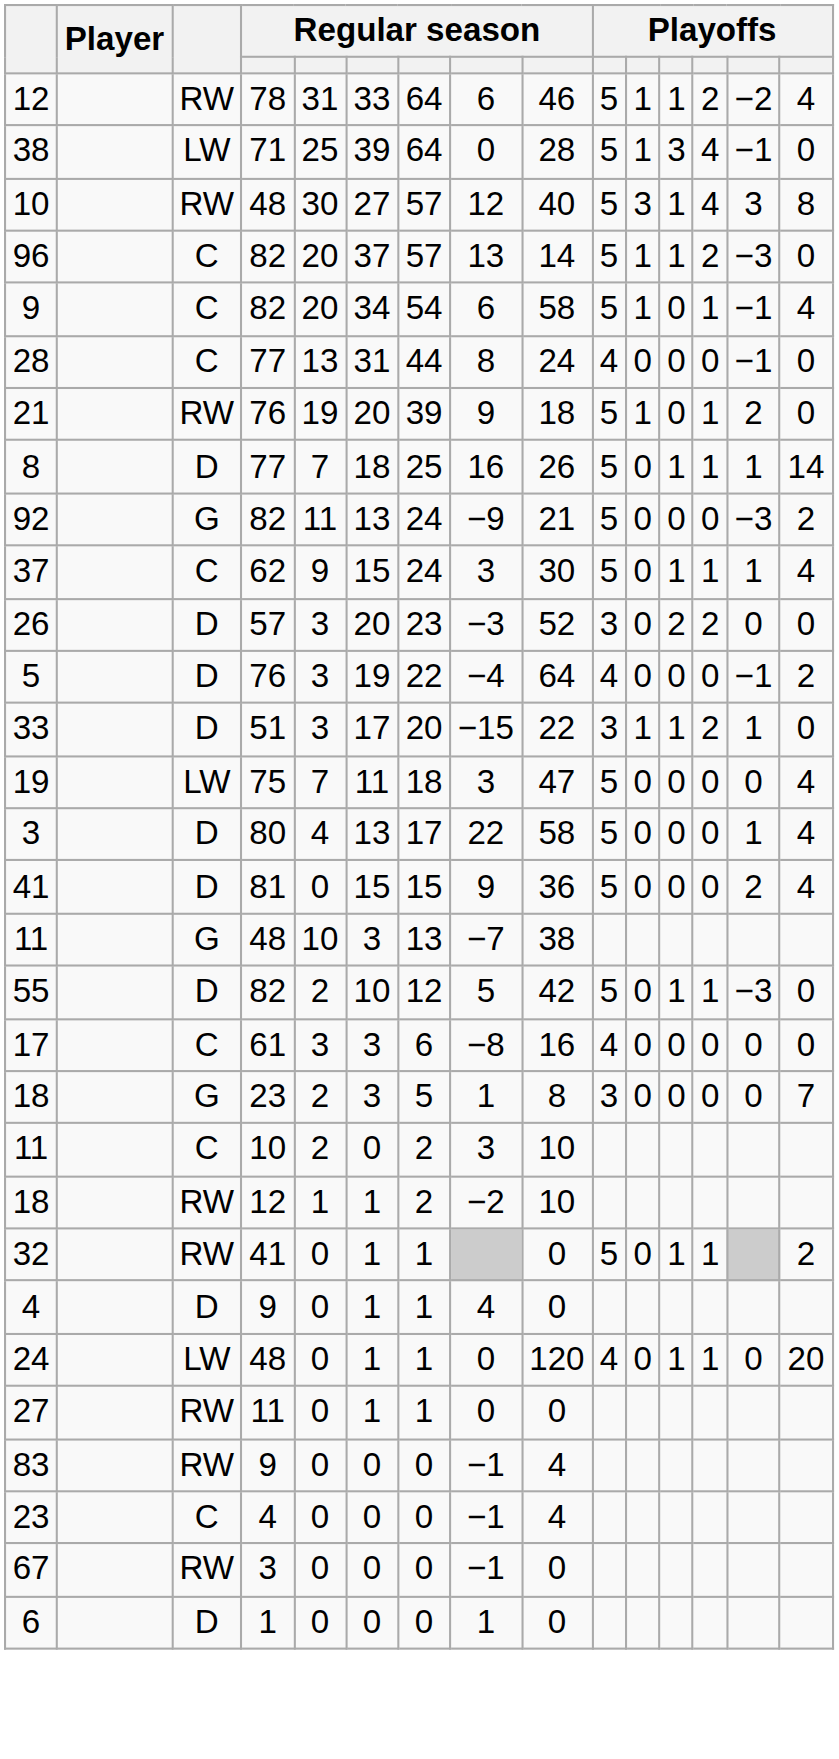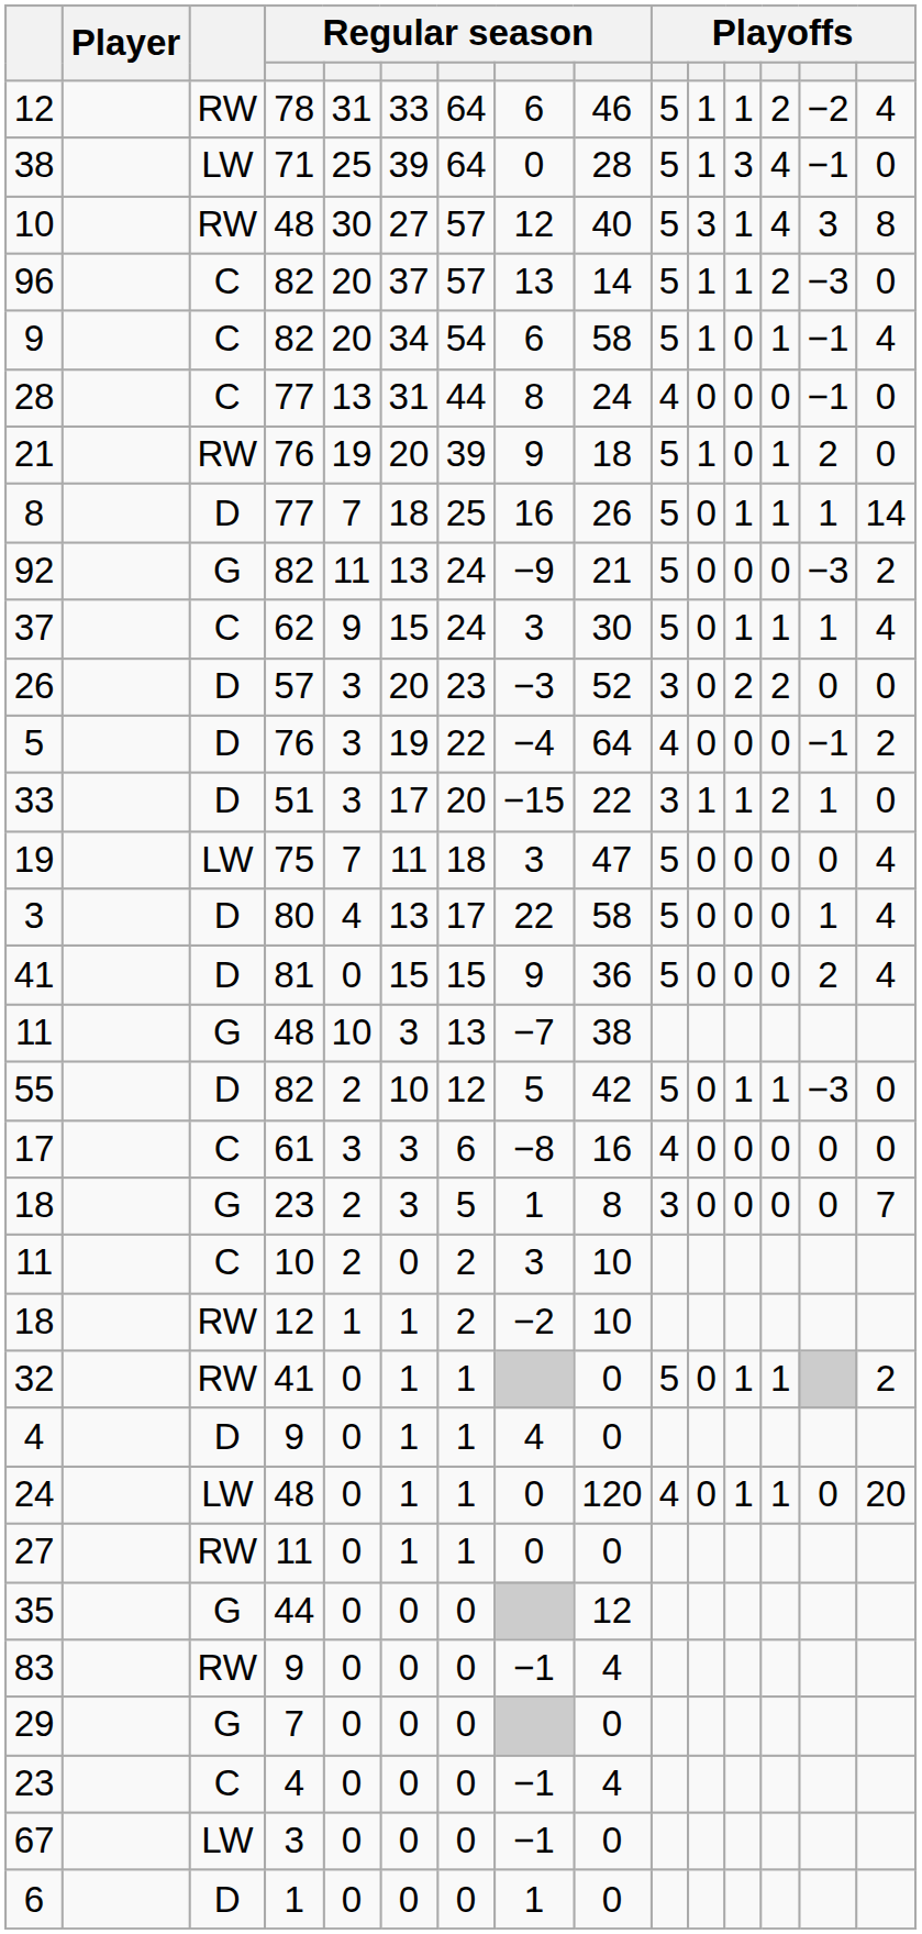 <table class="wikitable sortable plainrowheaders" style="text-align:center;">
 <tr>
 <th scope="col" data-sort-type="number" rowspan="2"></th>
 <th scope="col" rowspan="2">Player</th>
 <th scope="col" rowspan="2"></th>
 <th scope=colgroup colspan=6>Regular season</th>
 <th scope=colgroup colspan=6>Playoffs</th>
 </tr>
 <tr>
 <th scope="col" data-sort-type="number"></th>
 <th scope="col" data-sort-type="number"></th>
 <th scope="col" data-sort-type="number"></th>
 <th scope="col" data-sort-type="number"></th>
 <th scope="col" data-sort-type="number"></th>
 <th scope="col" data-sort-type="number"></th>
 <th scope="col" data-sort-type="number"></th>
 <th scope="col" data-sort-type="number"></th>
 <th scope="col" data-sort-type="number"></th>
 <th scope="col" data-sort-type="number"></th>
 <th scope="col" data-sort-type="number"></th>
 <th scope="col" data-sort-type="number"></th>
 </tr>
 <tr>
 <td scope="row">12</td>
 <td align="left"></td>
 <td>RW</td>
 <td>78</td>
 <td>31</td>
 <td>33</td>
 <td>64</td>
 <td>6</td>
 <td>46</td>
 <td>5</td>
 <td>1</td>
 <td>1</td>
 <td>2</td>
 <td>−2</td>
 <td>4</td>
 </tr>
 <tr>
 <td scope="row">38</td>
 <td align="left"></td>
 <td>LW</td>
 <td>71</td>
 <td>25</td>
 <td>39</td>
 <td>64</td>
 <td>0</td>
 <td>28</td>
 <td>5</td>
 <td>1</td>
 <td>3</td>
 <td>4</td>
 <td>−1</td>
 <td>0</td>
 </tr>
 <tr>
 <td scope="row">10</td>
 <td align="left"></td>
 <td>RW</td>
 <td>48</td>
 <td>30</td>
 <td>27</td>
 <td>57</td>
 <td>12</td>
 <td>40</td>
 <td>5</td>
 <td>3</td>
 <td>1</td>
 <td>4</td>
 <td>3</td>
 <td>8</td>
 </tr>
 <tr>
 <td scope="row">96</td>
 <td align="left"></td>
 <td>C</td>
 <td>82</td>
 <td>20</td>
 <td>37</td>
 <td>57</td>
 <td>13</td>
 <td>14</td>
 <td>5</td>
 <td>1</td>
 <td>1</td>
 <td>2</td>
 <td>−3</td>
 <td>0</td>
 </tr>
 <tr>
 <td scope="row">9</td>
 <td align="left"></td>
 <td>C</td>
 <td>82</td>
 <td>20</td>
 <td>34</td>
 <td>54</td>
 <td>6</td>
 <td>58</td>
 <td>5</td>
 <td>1</td>
 <td>0</td>
 <td>1</td>
 <td>−1</td>
 <td>4</td>
 </tr>
 <tr>
 <td scope="row">28</td>
 <td align="left"></td>
 <td>C</td>
 <td>77</td>
 <td>13</td>
 <td>31</td>
 <td>44</td>
 <td>8</td>
 <td>24</td>
 <td>4</td>
 <td>0</td>
 <td>0</td>
 <td>0</td>
 <td>−1</td>
 <td>0</td>
 </tr>
 <tr>
 <td scope="row">21</td>
 <td align="left"></td>
 <td>RW</td>
 <td>76</td>
 <td>19</td>
 <td>20</td>
 <td>39</td>
 <td>9</td>
 <td>18</td>
 <td>5</td>
 <td>1</td>
 <td>0</td>
 <td>1</td>
 <td>2</td>
 <td>0</td>
 </tr>
 <tr>
 <td scope="row">8</td>
 <td align="left"></td>
 <td>D</td>
 <td>77</td>
 <td>7</td>
 <td>18</td>
 <td>25</td>
 <td>16</td>
 <td>26</td>
 <td>5</td>
 <td>0</td>
 <td>1</td>
 <td>1</td>
 <td>1</td>
 <td>14</td>
 </tr>
 <tr>
 <td scope="row">92</td>
 <td align="left"></td>
 <td>G</td>
 <td>82</td>
 <td>11</td>
 <td>13</td>
 <td>24</td>
 <td>−9</td>
 <td>21</td>
 <td>5</td>
 <td>0</td>
 <td>0</td>
 <td>0</td>
 <td>−3</td>
 <td>2</td>
 </tr>
 <tr>
 <td scope="row">37</td>
 <td align="left"></td>
 <td>C</td>
 <td>62</td>
 <td>9</td>
 <td>15</td>
 <td>24</td>
 <td>3</td>
 <td>30</td>
 <td>5</td>
 <td>0</td>
 <td>1</td>
 <td>1</td>
 <td>1</td>
 <td>4</td>
 </tr>
 <tr>
 <td scope="row">26</td>
 <td align="left"></td>
 <td>D</td>
 <td>57</td>
 <td>3</td>
 <td>20</td>
 <td>23</td>
 <td>−3</td>
 <td>52</td>
 <td>3</td>
 <td>0</td>
 <td>2</td>
 <td>2</td>
 <td>0</td>
 <td>0</td>
 </tr>
 <tr>
 <td scope="row">5</td>
 <td align="left"></td>
 <td>D</td>
 <td>76</td>
 <td>3</td>
 <td>19</td>
 <td>22</td>
 <td>−4</td>
 <td>64</td>
 <td>4</td>
 <td>0</td>
 <td>0</td>
 <td>0</td>
 <td>−1</td>
 <td>2</td>
 </tr>
 <tr>
 <td scope="row">33</td>
 <td align="left"></td>
 <td>D</td>
 <td>51</td>
 <td>3</td>
 <td>17</td>
 <td>20</td>
 <td>−15</td>
 <td>22</td>
 <td>3</td>
 <td>1</td>
 <td>1</td>
 <td>2</td>
 <td>1</td>
 <td>0</td>
 </tr>
 <tr>
 <td scope="row">19</td>
 <td align="left"></td>
 <td>LW</td>
 <td>75</td>
 <td>7</td>
 <td>11</td>
 <td>18</td>
 <td>3</td>
 <td>47</td>
 <td>5</td>
 <td>0</td>
 <td>0</td>
 <td>0</td>
 <td>0</td>
 <td>4</td>
 </tr>
 <tr>
 <td scope="row">3</td>
 <td align="left"></td>
 <td>D</td>
 <td>80</td>
 <td>4</td>
 <td>13</td>
 <td>17</td>
 <td>22</td>
 <td>58</td>
 <td>5</td>
 <td>0</td>
 <td>0</td>
 <td>0</td>
 <td>1</td>
 <td>4</td>
 </tr>
 <tr>
 <td scope="row">41</td>
 <td align="left"></td>
 <td>D</td>
 <td>81</td>
 <td>0</td>
 <td>15</td>
 <td>15</td>
 <td>9</td>
 <td>36</td>
 <td>5</td>
 <td>0</td>
 <td>0</td>
 <td>0</td>
 <td>2</td>
 <td>4</td>
 </tr>
 <tr>
 <td scope="row">11</td>
 <td align="left"></td>
 <td>G</td>
 <td>48</td>
 <td>10</td>
 <td>3</td>
 <td>13</td>
 <td>−7</td>
 <td>38</td>
 <td></td>
 <td></td>
 <td></td>
 <td></td>
 <td></td>
 <td></td>
 </tr>
 <tr>
 <td scope="row">55</td>
 <td align="left"></td>
 <td>D</td>
 <td>82</td>
 <td>2</td>
 <td>10</td>
 <td>12</td>
 <td>5</td>
 <td>42</td>
 <td>5</td>
 <td>0</td>
 <td>1</td>
 <td>1</td>
 <td>−3</td>
 <td>0</td>
 </tr>
 <tr>
 <td scope="row">17</td>
 <td align="left"></td>
 <td>C</td>
 <td>61</td>
 <td>3</td>
 <td>3</td>
 <td>6</td>
 <td>−8</td>
 <td>16</td>
 <td>4</td>
 <td>0</td>
 <td>0</td>
 <td>0</td>
 <td>0</td>
 <td>0</td>
 </tr>
 <tr>
 <td scope="row">18</td>
 <td align="left"></td>
 <td>G</td>
 <td>23</td>
 <td>2</td>
 <td>3</td>
 <td>5</td>
 <td>1</td>
 <td>8</td>
 <td>3</td>
 <td>0</td>
 <td>0</td>
 <td>0</td>
 <td>0</td>
 <td>7</td>
 </tr>
 <tr>
 <td scope="row">11</td>
 <td align="left"></td>
 <td>C</td>
 <td>10</td>
 <td>2</td>
 <td>0</td>
 <td>2</td>
 <td>3</td>
 <td>10</td>
 <td></td>
 <td></td>
 <td></td>
 <td></td>
 <td></td>
 <td></td>
 </tr>
 <tr>
 <td scope="row">18</td>
 <td align="left"></td>
 <td>RW</td>
 <td>12</td>
 <td>1</td>
 <td>1</td>
 <td>2</td>
 <td>−2</td>
 <td>10</td>
 <td></td>
 <td></td>
 <td></td>
 <td></td>
 <td></td>
 <td></td>
 </tr>
 <tr>
 <td scope="row">32</td>
 <td align="left"></td>
 <td>RW</td>
 <td>41</td>
 <td>0</td>
 <td>1</td>
 <td>1</td>
 <td style="background:#ccc"></td>
 <td>0</td>
 <td>5</td>
 <td>0</td>
 <td>1</td>
 <td>1</td>
 <td style="background:#ccc"></td>
 <td>2</td>
 </tr>
 <tr>
 <td scope="row">4</td>
 <td align="left"></td>
 <td>D</td>
 <td>9</td>
 <td>0</td>
 <td>1</td>
 <td>1</td>
 <td>4</td>
 <td>0</td>
 <td></td>
 <td></td>
 <td></td>
 <td></td>
 <td></td>
 <td></td>
 </tr>
 <tr>
 <td scope="row">24</td>
 <td align="left"></td>
 <td>LW</td>
 <td>48</td>
 <td>0</td>
 <td>1</td>
 <td>1</td>
 <td>0</td>
 <td>120</td>
 <td>4</td>
 <td>0</td>
 <td>1</td>
 <td>1</td>
 <td>0</td>
 <td>20</td>
 </tr>
 <tr>
 <td scope="row">27</td>
 <td align="left"></td>
 <td>RW</td>
 <td>11</td>
 <td>0</td>
 <td>1</td>
 <td>1</td>
 <td>0</td>
 <td>0</td>
 <td></td>
 <td></td>
 <td></td>
 <td></td>
 <td></td>
 <td></td>
 </tr>
 <tr>
+<td scope="row">35</td>
+<td align="left"></td>
+<td>G</td>
+<td>44</td>
+<td>0</td>
+<td>0</td>
+<td>0</td>
+<td style="background:#ccc"></td>
+<td>12</td>
+<td></td>
+<td></td>
+<td></td>
+<td></td>
+<td></td>
+<td></td>
+</tr>
+<tr>
 <td scope="row">83</td>
 <td align="left"></td>
 <td>RW</td>
 <td>9</td>
 <td>0</td>
 <td>0</td>
 <td>0</td>
 <td>−1</td>
 <td>4</td>
+<td></td>
+<td></td>
+<td></td>
+<td></td>
+<td></td>
+<td></td>
+</tr>
+<tr>
+<td scope="row">29</td>
+<td align="left"></td>
+<td>G</td>
+<td>7</td>
+<td>0</td>
+<td>0</td>
+<td>0</td>
+<td style="background:#ccc"></td>
+<td>0</td>
 <td></td>
 <td></td>
 <td></td>
 <td></td>
 <td></td>
 <td></td>
 </tr>
 <tr>
 <td scope="row">23</td>
 <td align="left"></td>
 <td>C</td>
 <td>4</td>
 <td>0</td>
 <td>0</td>
 <td>0</td>
 <td>−1</td>
 <td>4</td>
 <td></td>
 <td></td>
 <td></td>
 <td></td>
 <td></td>
 <td></td>
 </tr>
 <tr>
 <td scope="row">67</td>
 <td align="left"></td>
-<td>RW</td>
+<td>LW</td>
 <td>3</td>
 <td>0</td>
 <td>0</td>
 <td>0</td>
 <td>−1</td>
 <td>0</td>
 <td></td>
 <td></td>
 <td></td>
 <td></td>
 <td></td>
 <td></td>
 </tr>
 <tr>
 <td scope="row">6</td>
 <td align="left"></td>
 <td>D</td>
 <td>1</td>
 <td>0</td>
 <td>0</td>
 <td>0</td>
 <td>1</td>
 <td>0</td>
 <td></td>
 <td></td>
 <td></td>
 <td></td>
 <td></td>
 <td></td>
 </tr>
 </table>
